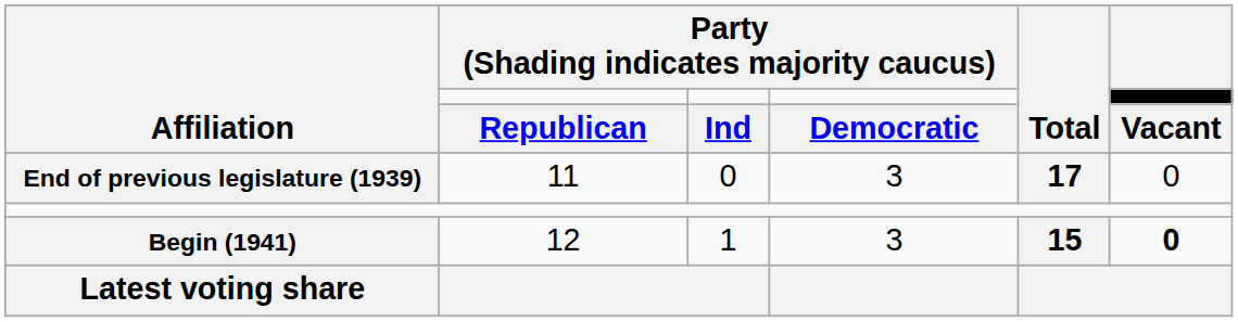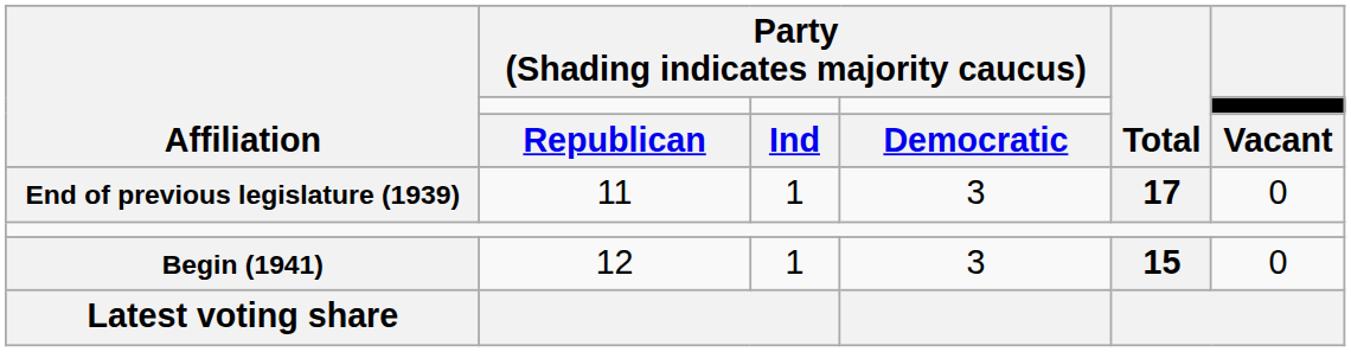 <table class=wikitable style="text-align:center; width:50%">
 <tr style="vertical-align:bottom;">
 <th rowspan=3>Affiliation</th>
 <th colspan=3>Party <div>(Shading indicates majority caucus)</div></th>
 <th rowspan=3>Total</th>
 <th></th>
 </tr>
 <tr style="height:5px">
 <td style="background-color:"></td>
 <td style="background-color:"></td>
 <td style="background-color:"></td>
 <td style="background-color:black"></td>
 </tr>
 <tr>
 <th><a href='#'>Republican</a></th>
 <th><a href='#'>Ind</a></th>
 <th><a href='#'>Democratic</a></th>
 <th>Vacant</th>
 </tr>
 <tr>
 <th nowrap style="font-size:80%">End of previous legislature (1939)</th>
 <td>11</td>
-<td>0</td>
+<td>1</td>
 <td>3</td>
 <th>17</th>
 <td>0</td>
 </tr>
 <tr>
 <td colspan=6></td>
 </tr>
 <tr>
 <th nowrap style="font-size:80%">Begin (1941)</th>
 <td>12</td>
 <td>1</td>
 <td>3</td>
 <th>15</th>
-<td><strong>0</strong></td>
+<td>0</td>
 </tr>
 <tr>
 <th>Latest voting share</th>
 <th colspan=2 ></th>
 <th></th>
 <th colspan=2></th>
 </tr>
 </table>
